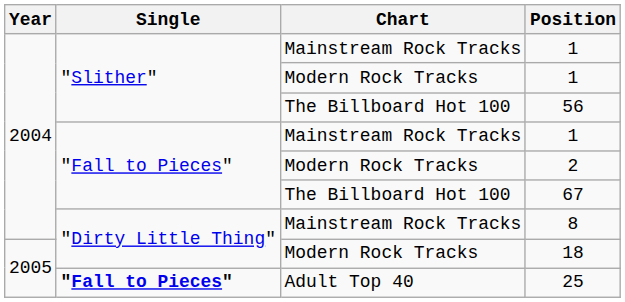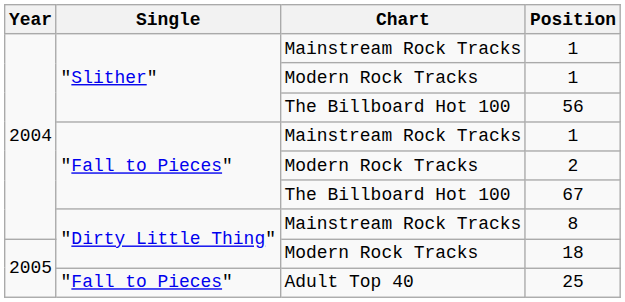 <table class="wikitable">
 <tr>
 <th>Year</th>
 <th>Single</th>
 <th>Chart</th>
 <th>Position</th>
 </tr>
 <tr>
 <td rowspan="7">2004</td>
 <td rowspan="3">"<a href='#'>Slither</a>"</td>
 <td>Mainstream Rock Tracks</td>
 <td style="text-align:center;">1</td>
 </tr>
 <tr>
 <td>Modern Rock Tracks</td>
 <td style="text-align:center;">1</td>
 </tr>
 <tr>
 <td>The Billboard Hot 100</td>
 <td style="text-align:center;">56</td>
 </tr>
 <tr>
 <td rowspan="3">"<a href='#'>Fall to Pieces</a>"</td>
 <td>Mainstream Rock Tracks</td>
 <td style="text-align:center;">1</td>
 </tr>
 <tr>
 <td>Modern Rock Tracks</td>
 <td style="text-align:center;">2</td>
 </tr>
 <tr>
 <td>The Billboard Hot 100</td>
 <td style="text-align:center;">67</td>
 </tr>
 <tr>
 <td rowspan="2">"<a href='#'>Dirty Little Thing</a>"</td>
 <td>Mainstream Rock Tracks</td>
 <td style="text-align:center;">8</td>
 </tr>
 <tr>
 <td rowspan="2">2005</td>
 <td>Modern Rock Tracks</td>
 <td style="text-align:center;">18</td>
 </tr>
 <tr>
-<td><strong>"<a href='#'>Fall to Pieces</a>"</strong></td>
+<td>"<a href='#'>Fall to Pieces</a>"</td>
 <td>Adult Top 40</td>
 <td style="text-align:center;">25</td>
 </tr>
 </table>
